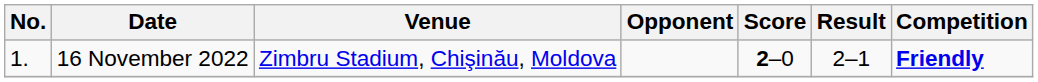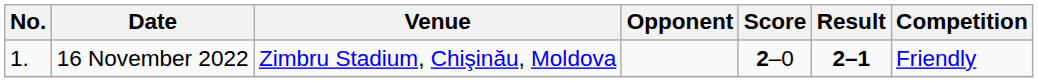 <table class="wikitable">
 <tr>
 <th>No.</th>
 <th>Date</th>
 <th>Venue</th>
 <th>Opponent</th>
 <th>Score</th>
 <th>Result</th>
 <th>Competition</th>
 </tr>
 <tr>
 <td>1.</td>
 <td>16 November 2022</td>
 <td><a href='#'>Zimbru Stadium</a>, <a href='#'>Chişinău</a>, <a href='#'>Moldova</a></td>
 <td></td>
 <td align=center><strong>2</strong>–0</td>
-<td align=center>2–1</td>
-<td><strong><a href='#'>Friendly</a></strong></td>
+<td align=center><strong>2–1</strong></td>
+<td><a href='#'>Friendly</a></td>
 </tr>
 <tr>
 </tr>
 </table>
